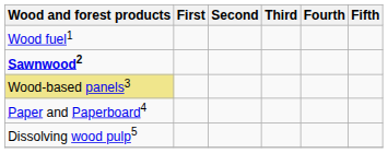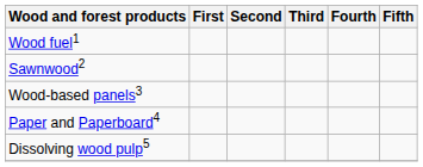 <table class="wikitable" align="center">
 <tr>
 <th>Wood and forest products</th>
 <th>First</th>
 <th>Second</th>
 <th>Third</th>
 <th>Fourth</th>
 <th>Fifth</th>
 </tr>
 <tr>
 <td><a href='#'>Wood fuel</a><sup>1</sup></td>
 <td></td>
 <td></td>
 <td></td>
 <td></td>
 <td></td>
 </tr>
 <tr>
-<td><strong><a href='#'>Sawnwood</a><sup>2</sup></strong></td>
+<td><a href='#'>Sawnwood</a><sup>2</sup></td>
 <td></td>
 <td></td>
 <td></td>
 <td></td>
 <td></td>
 </tr>
 <tr>
-<td style="background: khaki;">Wood-based <a href='#'>panels</a><sup>3</sup></td>
+<td>Wood-based <a href='#'>panels</a><sup>3</sup></td>
 <td></td>
 <td></td>
 <td></td>
 <td></td>
 <td></td>
 </tr>
 <tr>
 <td><a href='#'>Paper</a> and <a href='#'>Paperboard</a><sup>4</sup></td>
 <td></td>
 <td></td>
 <td></td>
 <td></td>
 <td></td>
 </tr>
 <tr>
 <td>Dissolving <a href='#'>wood pulp</a><sup>5</sup></td>
 <td></td>
 <td></td>
 <td></td>
 <td></td>
 <td></td>
 </tr>
 <tr>
 </tr>
 </table>
